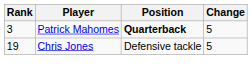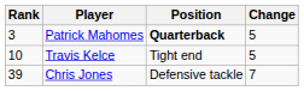 <table class="wikitable">
 <tr>
 <th>Rank</th>
 <th>Player</th>
 <th>Position</th>
 <th>Change</th>
 </tr>
 <tr>
 <td>3</td>
 <td><a href='#'>Patrick Mahomes</a></td>
 <td><strong>Quarterback</strong></td>
 <td>5</td>
 </tr>
 <tr>
-<td>19</td>
+<td>10</td>
+<td><a href='#'>Travis Kelce</a></td>
+<td>Tight end</td>
+<td>5</td>
+</tr>
+<tr>
+<td>39</td>
 <td><a href='#'>Chris Jones</a></td>
 <td>Defensive tackle</td>
-<td>5</td>
+<td>7</td>
 </tr>
 </table>
